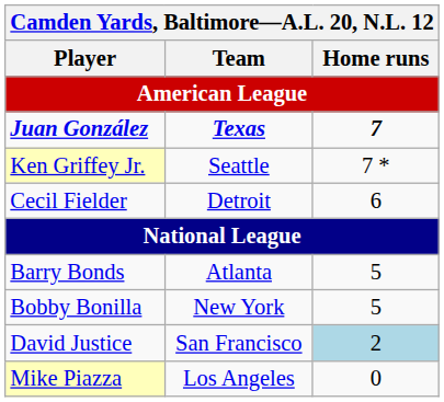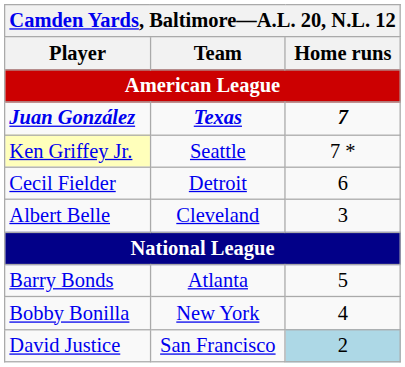 <table class="wikitable" style="text-align:right;">
 <tr>
 <th colspan="3"><a href='#'>Camden Yards</a>, Baltimore—A.L. 20, N.L. 12</th>
 </tr>
 <tr>
 <th>Player</th>
 <th>Team</th>
 <th>Home runs</th>
 </tr>
 <tr>
 <th colspan="3" style="text-align:center; background:#CC0001; color:#FFFFFF;">American League</th>
 </tr>
 <tr>
 <td align="left"><strong><em><a href='#'>Juan González</a></em></strong></td>
 <td style="text-align:center;"><strong><em><a href='#'>Texas</a></em></strong></td>
 <td style="text-align:center;"><strong><em>7</em></strong></td>
 </tr>
 <tr>
 <td align="left" style="background:#ffb"><a href='#'>Ken Griffey Jr.</a></td>
 <td style="text-align:center;"><a href='#'>Seattle</a></td>
 <td style="text-align:center;">7 *</td>
 </tr>
 <tr>
 <td align="left"><a href='#'>Cecil Fielder</a></td>
 <td style="text-align:center;"><a href='#'>Detroit</a></td>
 <td style="text-align:center;">6</td>
 </tr>
 <tr>
+<td align="left"><a href='#'>Albert Belle</a></td>
+<td style="text-align:center;"><a href='#'>Cleveland</a></td>
+<td style="text-align:center;">3</td>
+</tr>
+<tr>
 <th colspan="3" style="text-align:center; background:#020088; color:#FFFFFF;">National League</th>
 </tr>
 <tr>
 <td align="left"><a href='#'>Barry Bonds</a></td>
 <td style="text-align:center;"><a href='#'>Atlanta</a></td>
 <td style="text-align:center;">5</td>
 </tr>
 <tr>
 <td align="left"><a href='#'>Bobby Bonilla</a></td>
 <td style="text-align:center;"><a href='#'>New York</a></td>
-<td style="text-align:center;">5</td>
+<td style="text-align:center;">4</td>
 </tr>
 <tr>
 <td align="left"><a href='#'>David Justice</a></td>
 <td style="text-align:center;"><a href='#'>San Francisco</a></td>
 <td style="background: lightblue; text-align:center;">2</td>
 </tr>
-<tr>
-<td align="left" style="background:#ffb"><a href='#'>Mike Piazza</a></td>
-<td style="text-align:center;"><a href='#'>Los Angeles</a></td>
-<td style="text-align:center;">0</td>
-</tr>
 </table>
